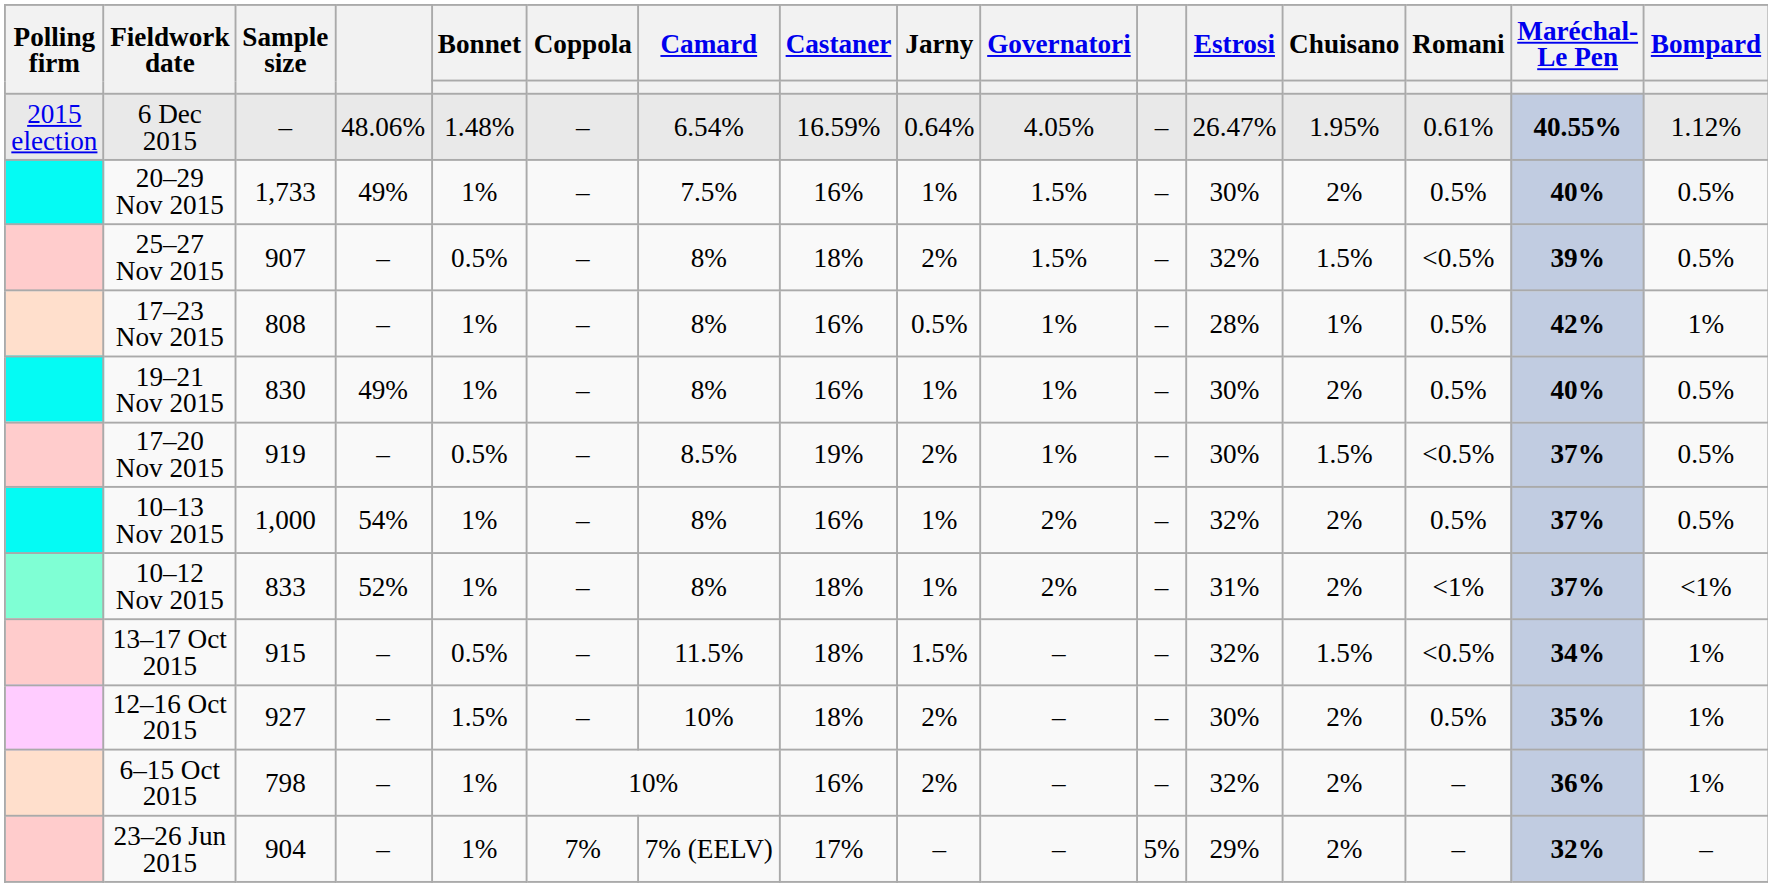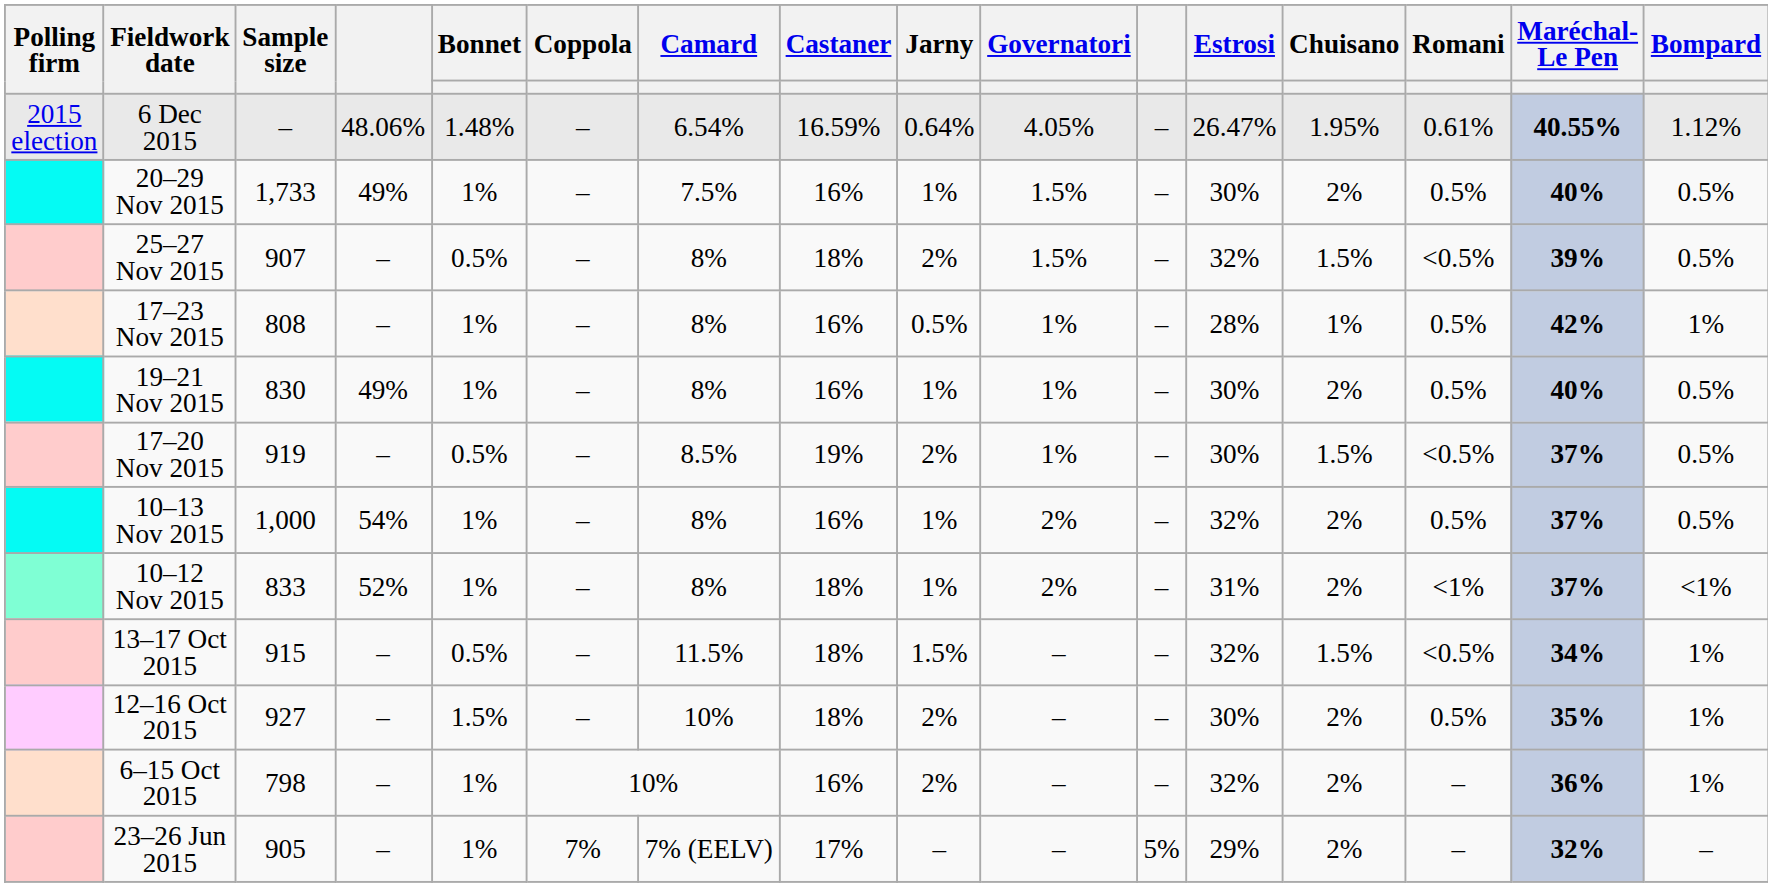 <table class="wikitable sortable" style="text-align:center;font-size:90%;line-height:14px;">
 <tr style="height:40px;">
 <th style="width:100px;" rowspan="2">Polling firm</th>
 <th style="width:110px;" rowspan="2">Fieldwork date</th>
 <th style="width:35px;" rowspan="2">Sample<br>size</th>
 <th style="width:30px;" rowspan="2"></th>
 <th class="unsortable" style="width:60px;">Bonnet<br></th>
 <th class="unsortable" style="width:60px;">Coppola<br></th>
 <th class="unsortable" style="width:60px;"><a href='#'>Camard</a><br></th>
 <th class="unsortable" style="width:60px;"><a href='#'>Castaner</a><br></th>
 <th class="unsortable" style="width:60px;">Jarny<br></th>
 <th class="unsortable" style="width:60px;"><a href='#'>Governatori</a><br></th>
 <th class="unsortable" style="width:60px;"></th>
 <th class="unsortable" style="width:60px;"><a href='#'>Estrosi</a><br></th>
 <th class="unsortable" style="width:60px;">Chuisano<br></th>
 <th class="unsortable" style="width:60px;">Romani<br></th>
 <th class="unsortable" style="width:60px;"><a href='#'>Maréchal-Le Pen</a><br></th>
 <th class="unsortable" style="width:60px;"><a href='#'>Bompard</a><br></th>
 </tr>
 <tr>
 <th style="background:"></th>
 <th style="background:"></th>
 <th style="background:"></th>
 <th style="background:"></th>
 <th style="background:"></th>
 <th style="background:"></th>
 <th style="background:"></th>
 <th style="background:"></th>
 <th style="background:"></th>
 <th style="background:"></th>
 <th style="background:"></th>
 <th style="background:"></th>
 </tr>
 <tr style="background:#E9E9E9;">
 <td><a href='#'>2015 election</a></td>
 <td data-sort-value="2015-12-06">6 Dec 2015</td>
 <td>–</td>
 <td>48.06%</td>
 <td>1.48%</td>
 <td>–</td>
 <td>6.54%</td>
 <td>16.59%</td>
 <td>0.64%</td>
 <td>4.05%</td>
 <td>–</td>
 <td>26.47%</td>
 <td>1.95%</td>
 <td>0.61%</td>
 <td style="background:#C1CCE1;"><strong>40.55%</strong></td>
 <td>1.12%</td>
 </tr>
 <tr>
 <td style="background:#04FBF4;"></td>
 <td data-sort-value="2015-11-29">20–29 Nov 2015</td>
 <td>1,733</td>
 <td>49%</td>
 <td>1%</td>
 <td>–</td>
 <td>7.5%</td>
 <td>16%</td>
 <td>1%</td>
 <td>1.5%</td>
 <td>–</td>
 <td>30%</td>
 <td>2%</td>
 <td>0.5%</td>
 <td style="background:#C1CCE1;"><strong>40%</strong></td>
 <td>0.5%</td>
 </tr>
 <tr>
 <td style="background:#FFCCCC;"></td>
 <td data-sort-value="2015-11-27">25–27 Nov 2015</td>
 <td>907</td>
 <td>–</td>
 <td>0.5%</td>
 <td>–</td>
 <td>8%</td>
 <td>18%</td>
 <td>2%</td>
 <td>1.5%</td>
 <td>–</td>
 <td>32%</td>
 <td>1.5%</td>
 <td data-sort-value="0%"><0.5%</td>
 <td style="background:#C1CCE1;"><strong>39%</strong></td>
 <td>0.5%</td>
 </tr>
 <tr>
 <td style="background:#FFDFCC;"></td>
 <td data-sort-value="2015-11-23">17–23 Nov 2015</td>
 <td>808</td>
 <td>–</td>
 <td>1%</td>
 <td>–</td>
 <td>8%</td>
 <td>16%</td>
 <td>0.5%</td>
 <td>1%</td>
 <td>–</td>
 <td>28%</td>
 <td>1%</td>
 <td>0.5%</td>
 <td style="background:#C1CCE1;"><strong>42%</strong></td>
 <td>1%</td>
 </tr>
 <tr>
 <td style="background:#04FBF4;"></td>
 <td data-sort-value="2015-11-21">19–21 Nov 2015</td>
 <td>830</td>
 <td>49%</td>
 <td>1%</td>
 <td>–</td>
 <td>8%</td>
 <td>16%</td>
 <td>1%</td>
 <td>1%</td>
 <td>–</td>
 <td>30%</td>
 <td>2%</td>
 <td>0.5%</td>
 <td style="background:#C1CCE1;"><strong>40%</strong></td>
 <td>0.5%</td>
 </tr>
 <tr>
 <td style="background:#FFCCCC;"></td>
 <td data-sort-value="2015-11-20">17–20 Nov 2015</td>
 <td>919</td>
 <td>–</td>
 <td>0.5%</td>
 <td>–</td>
 <td>8.5%</td>
 <td>19%</td>
 <td>2%</td>
 <td>1%</td>
 <td>–</td>
 <td>30%</td>
 <td>1.5%</td>
 <td data-sort-value="0%"><0.5%</td>
 <td style="background:#C1CCE1;"><strong>37%</strong></td>
 <td>0.5%</td>
 </tr>
 <tr>
 <td style="background:#04FBF4;"></td>
 <td data-sort-value="2015-11-13">10–13 Nov 2015</td>
 <td>1,000</td>
 <td>54%</td>
 <td>1%</td>
 <td>–</td>
 <td>8%</td>
 <td>16%</td>
 <td>1%</td>
 <td>2%</td>
 <td>–</td>
 <td>32%</td>
 <td>2%</td>
 <td>0.5%</td>
 <td style="background:#C1CCE1;"><strong>37%</strong></td>
 <td>0.5%</td>
 </tr>
 <tr>
 <td style="background:aquamarine;"></td>
 <td data-sort-value="2015-11-12">10–12 Nov 2015</td>
 <td>833</td>
 <td>52%</td>
 <td>1%</td>
 <td>–</td>
 <td>8%</td>
 <td>18%</td>
 <td>1%</td>
 <td>2%</td>
 <td>–</td>
 <td>31%</td>
 <td>2%</td>
 <td data-sort-value="0%"><1%</td>
 <td style="background:#C1CCE1;"><strong>37%</strong></td>
 <td data-sort-value="0%"><1%</td>
 </tr>
 <tr>
 <td style="background:#FFCCCC;"></td>
 <td data-sort-value="2015-10-17">13–17 Oct 2015</td>
 <td>915</td>
 <td>–</td>
 <td>0.5%</td>
 <td>–</td>
 <td>11.5%</td>
 <td>18%</td>
 <td>1.5%</td>
 <td>–</td>
 <td>–</td>
 <td>32%</td>
 <td>1.5%</td>
 <td data-sort-value="0%"><0.5%</td>
 <td style="background:#C1CCE1;"><strong>34%</strong></td>
 <td>1%</td>
 </tr>
 <tr>
 <td style="background:#FFCCFF;"></td>
 <td data-sort-value="2015-10-16">12–16 Oct 2015</td>
 <td>927</td>
 <td>–</td>
 <td>1.5%</td>
 <td>–</td>
 <td>10%</td>
 <td>18%</td>
 <td>2%</td>
 <td>–</td>
 <td>–</td>
 <td>30%</td>
 <td>2%</td>
 <td>0.5%</td>
 <td style="background:#C1CCE1;"><strong>35%</strong></td>
 <td>1%</td>
 </tr>
 <tr>
 <td style="background:#FFDFCC;"></td>
 <td data-sort-value="2015-10-15">6–15 Oct 2015</td>
 <td>798</td>
 <td>–</td>
 <td>1%</td>
 <td colspan="2">10%</td>
 <td>16%</td>
 <td>2%</td>
 <td>–</td>
 <td>–</td>
 <td>32%</td>
 <td>2%</td>
 <td>–</td>
 <td style="background:#C1CCE1;"><strong>36%</strong></td>
 <td>1%</td>
 </tr>
 <tr>
 <td style="background:#FFCCCC;"></td>
 <td data-sort-value="2015-06-26">23–26 Jun 2015</td>
-<td>904</td>
+<td>905</td>
 <td>–</td>
 <td>1%</td>
 <td>7%</td>
 <td>7% (EELV)</td>
 <td>17%</td>
 <td>–</td>
 <td>–</td>
 <td>5%</td>
 <td>29%</td>
 <td>2%</td>
 <td>–</td>
 <td style="background:#C1CCE1;"><strong>32%</strong></td>
 <td>–</td>
 </tr>
 </table>
